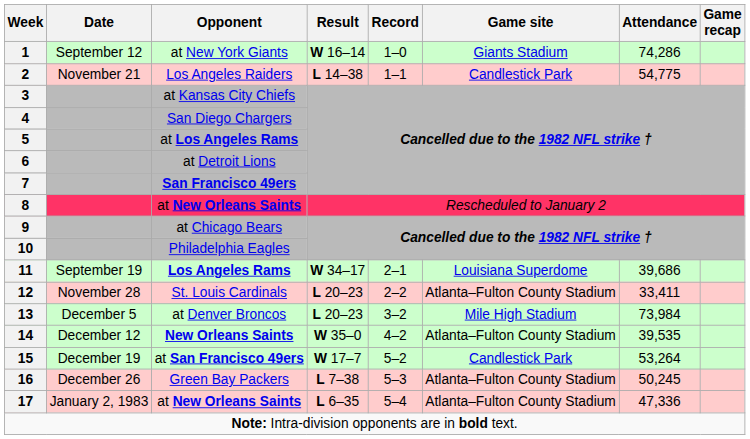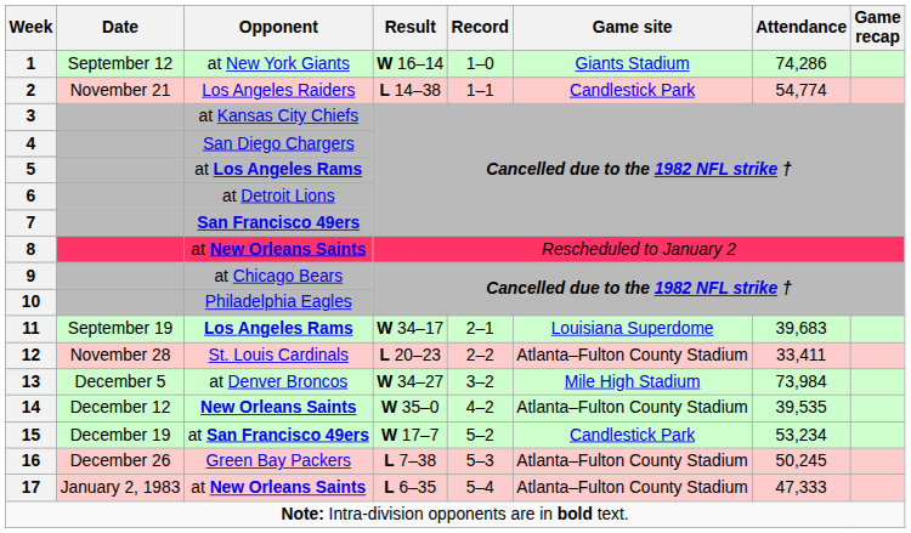 <table class="wikitable" style="text-align:center">
 <tr>
 <th>Week</th>
 <th>Date</th>
 <th>Opponent</th>
 <th>Result</th>
 <th>Record</th>
 <th>Game site</th>
 <th>Attendance</th>
 <th>Game<br>recap</th>
 </tr>
 <tr style="background:#cfc">
 <th>1</th>
 <td>September 12</td>
 <td>at <a href='#'>New York Giants</a></td>
 <td><strong>W</strong> 16–14</td>
 <td>1–0</td>
 <td><a href='#'>Giants Stadium</a></td>
 <td>74,286</td>
 <td></td>
 </tr>
 <tr style="background:#fcc">
 <th>2</th>
 <td>November  21</td>
 <td><a href='#'>Los Angeles Raiders</a></td>
 <td><strong>L</strong> 14–38</td>
 <td>1–1</td>
 <td><a href='#'>Candlestick Park</a></td>
-<td>54,775</td>
+<td>54,774</td>
 <td></td>
 </tr>
 <tr style="background:#bababa">
 <th>3</th>
 <td></td>
 <td>at <a href='#'>Kansas City Chiefs</a></td>
 <td colspan="5" align="center"; rowspan="5"><strong><em>Cancelled due to the <a href='#'>1982 NFL strike</a> †</em></strong></td>
 </tr>
 <tr style="background:#bababa">
 <th>4</th>
 <td></td>
 <td><a href='#'>San Diego Chargers</a></td>
 </tr>
 <tr style="background:#bababa">
 <th>5</th>
 <td></td>
 <td>at <strong><a href='#'>Los Angeles Rams</a></strong></td>
 </tr>
 <tr style="background:#bababa">
 <th>6</th>
 <td></td>
 <td>at <a href='#'>Detroit Lions</a></td>
 </tr>
 <tr style="background:#bababa">
 <th>7</th>
 <td></td>
 <td><strong><a href='#'>San Francisco 49ers</a></strong></td>
 </tr>
 <tr style="background:#F36; text-align:center;">
 <th>8</th>
 <td></td>
 <td>at <strong><a href='#'>New Orleans Saints</a></strong></td>
 <td colspan="6" align="center"><em>Rescheduled to January 2</em></td>
 </tr>
 <tr style="background:#bababa">
 <th>9</th>
 <td></td>
 <td>at <a href='#'>Chicago Bears</a></td>
 <td colspan="5" align="center"; rowspan="2"><strong><em>Cancelled due to the <a href='#'>1982 NFL strike</a> †</em></strong></td>
 </tr>
 <tr style="background:#bababa">
 <th>10</th>
 <td></td>
 <td><a href='#'>Philadelphia Eagles</a></td>
 </tr>
 <tr style="background:#cfc">
 <th>11</th>
 <td>September 19</td>
 <td><strong><a href='#'>Los Angeles Rams</a></strong></td>
 <td><strong>W</strong> 34–17</td>
 <td>2–1</td>
 <td><a href='#'>Louisiana Superdome</a></td>
-<td>39,686</td>
+<td>39,683</td>
 <td></td>
 </tr>
 <tr style="background:#fcc">
 <th>12</th>
 <td>November 28</td>
 <td><a href='#'>St. Louis Cardinals</a></td>
 <td><strong>L</strong> 20–23</td>
 <td>2–2</td>
 <td>Atlanta–Fulton County Stadium</td>
 <td>33,411</td>
 <td></td>
 </tr>
 <tr style="background:#cfc">
 <th>13</th>
 <td>December 5</td>
 <td>at <a href='#'>Denver Broncos</a></td>
-<td><strong>L</strong> 20–23</td>
+<td><strong>W</strong> 34–27</td>
 <td>3–2</td>
 <td><a href='#'>Mile High Stadium</a></td>
 <td>73,984</td>
 <td></td>
 </tr>
 <tr style="background:#cfc">
 <th>14</th>
 <td>December 12</td>
 <td><strong><a href='#'>New Orleans Saints</a></strong></td>
 <td><strong>W</strong> 35–0</td>
 <td>4–2</td>
 <td>Atlanta–Fulton County Stadium</td>
 <td>39,535</td>
 <td></td>
 </tr>
 <tr style="background:#cfc">
 <th>15</th>
 <td>December 19</td>
 <td>at <strong><a href='#'>San Francisco 49ers</a></strong></td>
 <td><strong>W</strong> 17–7</td>
 <td>5–2</td>
 <td><a href='#'>Candlestick Park</a></td>
-<td>53,264</td>
+<td>53,234</td>
 <td></td>
 </tr>
 <tr style="background:#fcc">
 <th>16</th>
 <td>December 26</td>
 <td><a href='#'>Green Bay Packers</a></td>
 <td><strong>L</strong> 7–38</td>
 <td>5–3</td>
 <td>Atlanta–Fulton County Stadium</td>
 <td>50,245</td>
 <td></td>
 </tr>
 <tr style="background:#fcc">
 <th>17</th>
 <td>January 2, 1983</td>
 <td>at <strong><a href='#'>New Orleans Saints</a></strong></td>
 <td><strong>L</strong> 6–35</td>
 <td>5–4</td>
 <td>Atlanta–Fulton County Stadium</td>
-<td>47,336</td>
+<td>47,333</td>
 <td></td>
 </tr>
 <tr>
 <td colspan="8"><strong>Note:</strong> Intra-division opponents are in <strong>bold</strong> text.</td>
 </tr>
 </table>
